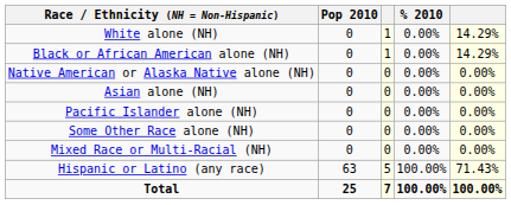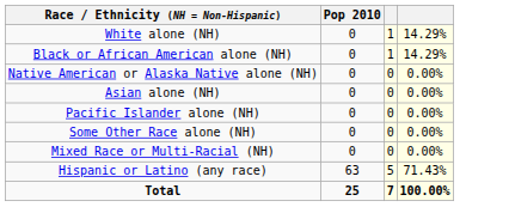 <table class="wikitable" style="text-align:center;">
 <tr>
 <th>Race / Ethnicity <small>(<em>NH = Non-Hispanic</em>)</small></th>
 <th>Pop 2010</th>
 <th></th>
-<th>% 2010</th>
 <th></th>
 </tr>
 <tr>
 <td><a href='#'>White</a> alone (NH)</td>
 <td>0</td>
 <td style='background: #ffffe6;'>1</td>
-<td>0.00%</td>
 <td style='background: #ffffe6;'>14.29%</td>
 </tr>
 <tr>
 <td><a href='#'>Black or African American</a> alone (NH)</td>
 <td>0</td>
 <td style='background: #ffffe6;'>1</td>
-<td>0.00%</td>
 <td style='background: #ffffe6;'>14.29%</td>
 </tr>
 <tr>
 <td><a href='#'>Native American</a> or <a href='#'>Alaska Native</a> alone (NH)</td>
 <td>0</td>
 <td style='background: #ffffe6;'>0</td>
-<td>0.00%</td>
 <td style='background: #ffffe6;'>0.00%</td>
 </tr>
 <tr>
 <td><a href='#'>Asian</a> alone (NH)</td>
 <td>0</td>
 <td style='background: #ffffe6;'>0</td>
-<td>0.00%</td>
 <td style='background: #ffffe6;'>0.00%</td>
 </tr>
 <tr>
 <td><a href='#'>Pacific Islander</a> alone (NH)</td>
 <td>0</td>
 <td style='background: #ffffe6;'>0</td>
-<td>0.00%</td>
 <td style='background: #ffffe6;'>0.00%</td>
 </tr>
 <tr>
 <td><a href='#'>Some Other Race</a> alone (NH)</td>
 <td>0</td>
 <td style='background: #ffffe6;'>0</td>
-<td>0.00%</td>
 <td style='background: #ffffe6;'>0.00%</td>
 </tr>
 <tr>
 <td><a href='#'>Mixed Race or Multi-Racial</a> (NH)</td>
 <td>0</td>
 <td style='background: #ffffe6;'>0</td>
-<td>0.00%</td>
 <td style='background: #ffffe6;'>0.00%</td>
 </tr>
 <tr>
 <td><a href='#'>Hispanic or Latino</a> (any race)</td>
 <td>63</td>
 <td style='background: #ffffe6;'>5</td>
-<td>100.00%</td>
 <td style='background: #ffffe6;'>71.43%</td>
 </tr>
 <tr>
 <td><strong>Total</strong></td>
 <td><strong>25</strong></td>
 <td style='background: #ffffe6;'><strong>7</strong></td>
-<td><strong>100.00%</strong></td>
 <td style='background: #ffffe6;'><strong>100.00%</strong></td>
 </tr>
 </table>
